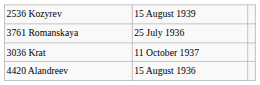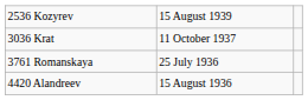 <table class="wikitable" style="font-size: 89%; float: left; width: 26em; margin-right: 1em; height: 112px">
 <tr>
 <td>2536 Kozyrev</td>
 <td>15 August 1939</td>
+<td></td>
+</tr>
+<tr>
+<td>3036 Krat</td>
+<td>11 October 1937</td>
 <td></td>
 </tr>
 <tr>
 <td>3761 Romanskaya</td>
 <td>25 July 1936</td>
 <td></td>
 </tr>
 <tr>
-<td>3036 Krat</td>
-<td>11 October 1937</td>
-<td></td>
-</tr>
-<tr>
 <td>4420 Alandreev</td>
 <td>15 August 1936</td>
 <td></td>
 </tr>
 </table>
